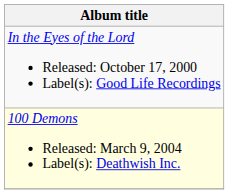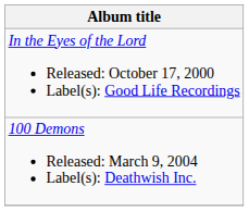 <table class="wikitable">
 <tr>
 <th>Album title</th>
 </tr>
 <tr>
 <td align="left"><em><a href='#'>In the Eyes of the Lord</a></em><br><ul><li>Released: October 17, 2000</li><li>Label(s): <a href='#'>Good Life Recordings</a></li></ul></td>
 </tr>
 <tr>
-<td align="left" style="background: lightyellow;"><em><a href='#'>100 Demons</a></em><br><ul><li>Released: March 9, 2004</li><li>Label(s): <a href='#'>Deathwish Inc.</a></li></ul></td>
+<td align="left"><em><a href='#'>100 Demons</a></em><br><ul><li>Released: March 9, 2004</li><li>Label(s): <a href='#'>Deathwish Inc.</a></li></ul></td>
 </tr>
 <tr>
 </tr>
 </table>
